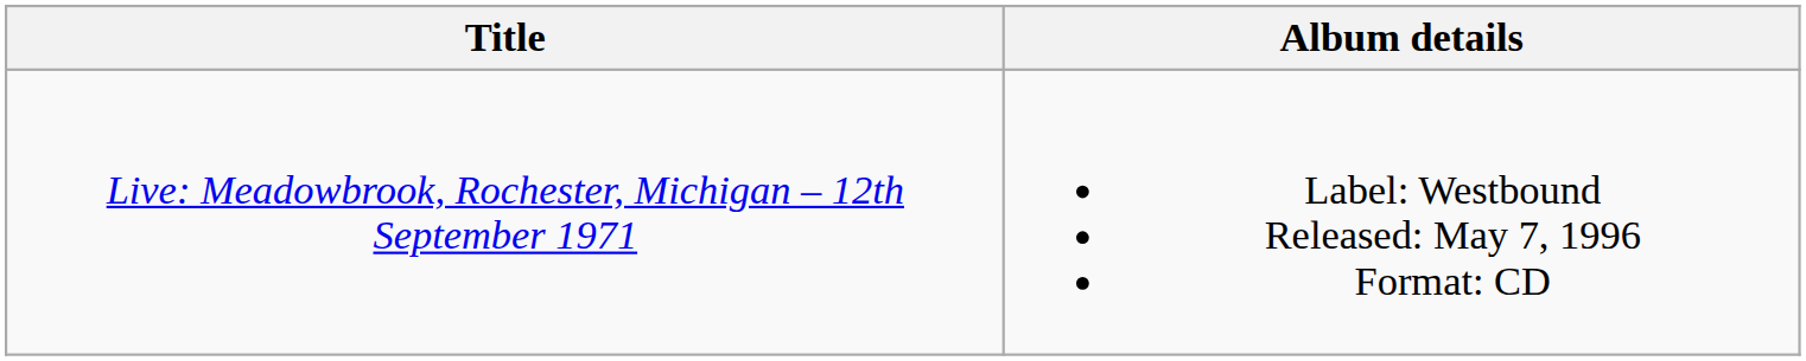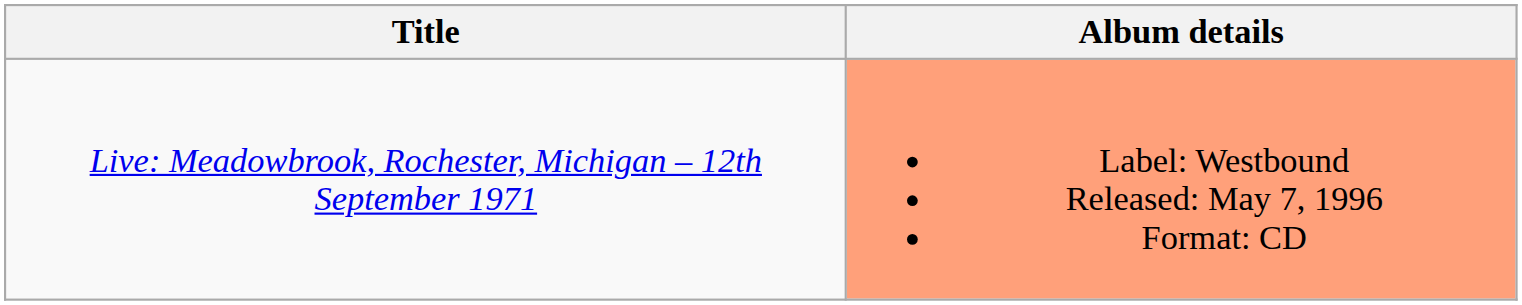 <table class="wikitable plainrowheaders" style="text-align:center;">
 <tr>
 <th scope="col" rowspan="1" style="width:24em;">Title</th>
 <th scope="col" rowspan="1" style="width:19em;">Album details</th>
 </tr>
 <tr>
 <td><em><a href='#'>Live: Meadowbrook, Rochester, Michigan – 12th September 1971</a></em></td>
-<td><br><ul><li>Label: Westbound</li><li>Released: May 7, 1996</li><li>Format: CD</li></ul></td>
+<td style="background: lightsalmon;"><br><ul><li>Label: Westbound</li><li>Released: May 7, 1996</li><li>Format: CD</li></ul></td>
 </tr>
 </table>
